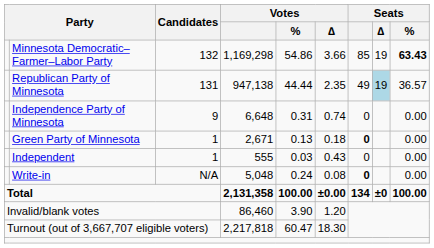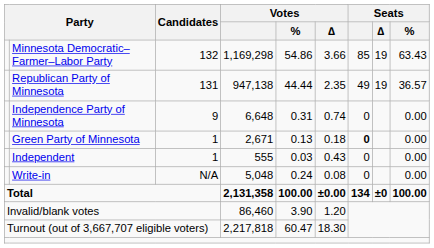 <table class="wikitable">
 <tr>
 <th rowspan="2" colspan="2">Party</th>
 <th rowspan="2">Candidates</th>
 <th colspan="3">Votes</th>
 <th colspan="3">Seats</th>
 </tr>
 <tr>
 <th></th>
 <th>%</th>
 <th>∆</th>
 <th></th>
 <th>∆</th>
 <th>%</th>
 </tr>
 <tr>
 <td style="background-color:"></td>
 <td><a href='#'>Minnesota Democratic–Farmer–Labor Party</a></td>
 <td align="right">132</td>
 <td align="right">1,169,298</td>
 <td align="right">54.86</td>
 <td align="right">3.66</td>
 <td align="right">85</td>
 <td align="right">19</td>
-<td align="right"><strong>63.43</strong></td>
+<td align="right">63.43</td>
 </tr>
 <tr>
 <td style="background-color:"></td>
 <td><a href='#'>Republican Party of Minnesota</a></td>
 <td align="right">131</td>
 <td align="right">947,138</td>
 <td align="right">44.44</td>
 <td align="right">2.35</td>
 <td align="right">49</td>
-<td align="right" style="background: lightblue;">19</td>
+<td align="right">19</td>
 <td align="right">36.57</td>
 </tr>
 <tr>
 <td style="background-color:"></td>
 <td><a href='#'>Independence Party of Minnesota</a></td>
 <td align="right">9</td>
 <td align="right">6,648</td>
 <td align="right">0.31</td>
 <td align="right">0.74</td>
 <td align="right">0</td>
 <td align="right"></td>
 <td align="right">0.00</td>
 </tr>
 <tr>
 <td style="background-color:"></td>
 <td><a href='#'>Green Party of Minnesota</a></td>
 <td align="right">1</td>
 <td align="right">2,671</td>
 <td align="right">0.13</td>
 <td align="right">0.18</td>
 <td align="right"><strong>0</strong></td>
 <td align="right"></td>
 <td align="right">0.00</td>
 </tr>
 <tr>
 <td style="background-color:"></td>
 <td><a href='#'>Independent</a></td>
 <td align="right">1</td>
 <td align="right">555</td>
 <td align="right">0.03</td>
 <td align="right">0.43</td>
 <td align="right">0</td>
 <td align="right"></td>
 <td align="right">0.00</td>
 </tr>
 <tr>
 <td style="background-color:"></td>
 <td><a href='#'>Write-in</a></td>
 <td align="right">N/A</td>
 <td align="right">5,048</td>
 <td align="right">0.24</td>
 <td align="right">0.08</td>
-<td align="right"><strong>0</strong></td>
+<td align="right">0</td>
 <td align="right"></td>
 <td align="right">0.00</td>
 </tr>
 <tr>
 <td colspan="3" align="left"><strong>Total</strong></td>
 <td align="right"><strong>2,131,358</strong></td>
 <td align="right"><strong>100.00</strong></td>
 <td align="right"><strong>±0.00</strong></td>
 <td align="right"><strong>134</strong></td>
 <td align="right"><strong>±0</strong></td>
 <td align="right"><strong>100.00</strong></td>
 </tr>
 <tr>
 <td colspan="3" align="left">Invalid/blank votes</td>
 <td colspan="1" align="right">86,460</td>
 <td colspan="1" align="right">3.90</td>
 <td colspan="1" align="right">1.20</td>
 <td rowspan="2" colspan="3"></td>
 </tr>
 <tr>
 <td colspan="3" align="left">Turnout (out of 3,667,707 eligible voters)</td>
 <td colspan="1" align="right">2,217,818</td>
 <td colspan="1" align="right">60.47</td>
 <td colspan="1" align="right">18.30</td>
 </tr>
 <tr>
 <td colspan="9"></td>
 </tr>
 </table>
